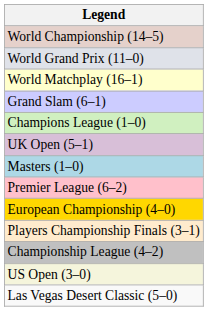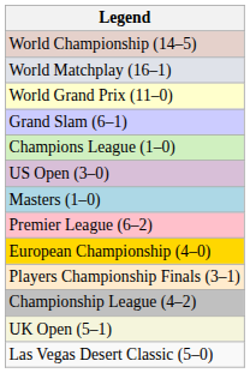 <table class="wikitable">
 <tr>
 <th>Legend</th>
 </tr>
 <tr style="background:#e5d1cb;">
 <td>World Championship (14–5)</td>
 </tr>
 <tr style="background:#dfe2e9;">
-<td>World Grand Prix (11–0)</td>
+<td>World Matchplay (16–1)</td>
 </tr>
 <tr style="background:#ffc;">
-<td>World Matchplay (16–1)</td>
+<td>World Grand Prix (11–0)</td>
 </tr>
 <tr style="background:#ccf;">
 <td>Grand Slam (6–1)</td>
 </tr>
 <tr style="background:#d0f0c0;">
 <td>Champions League (1–0)</td>
 </tr>
 <tr style="background:thistle">
-<td>UK Open (5–1)</td>
+<td World Series>US Open (3–0)</td>
 </tr>
 <tr bgcolor="lightblue">
 <td>Masters (1–0)</td>
 </tr>
 <tr style="background:pink;">
 <td>Premier League (6–2)</td>
 </tr>
 <tr style="background:gold;">
 <td>European Championship (4–0)</td>
 </tr>
 <tr style="background:#ffebcd;">
 <td>Players Championship Finals (3–1)</td>
 </tr>
 <tr bgcolor="silver">
 <td>Championship League (4–2)</td>
 </tr>
 <tr bgcolor="beige">
-<td World Series>US Open (3–0)</td>
+<td>UK Open (5–1)</td>
 </tr>
 <tr>
 <td>Las Vegas Desert Classic (5–0)</td>
 </tr>
 </table>
